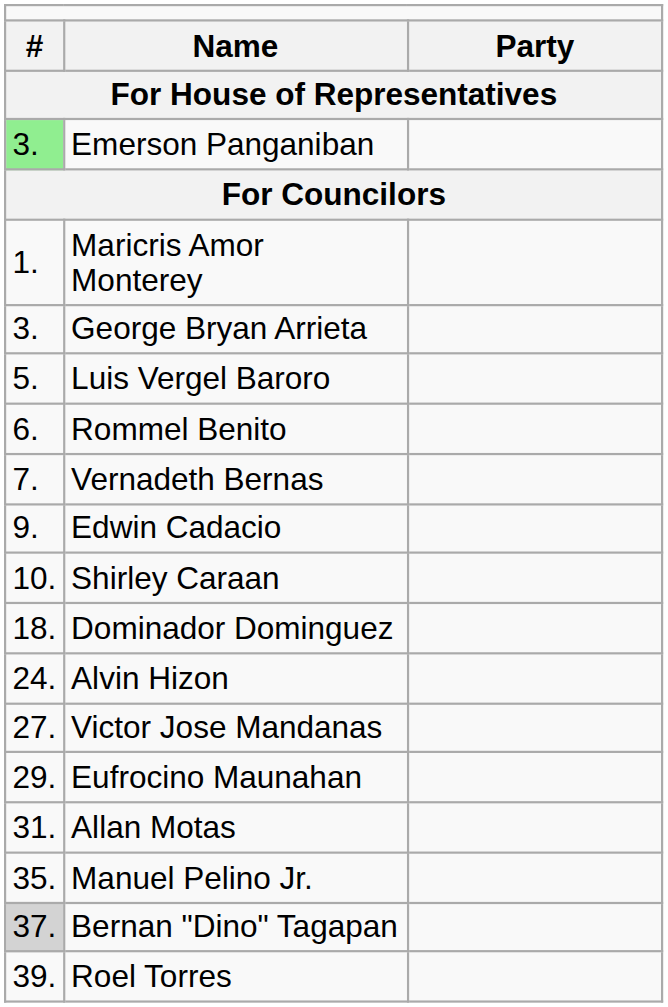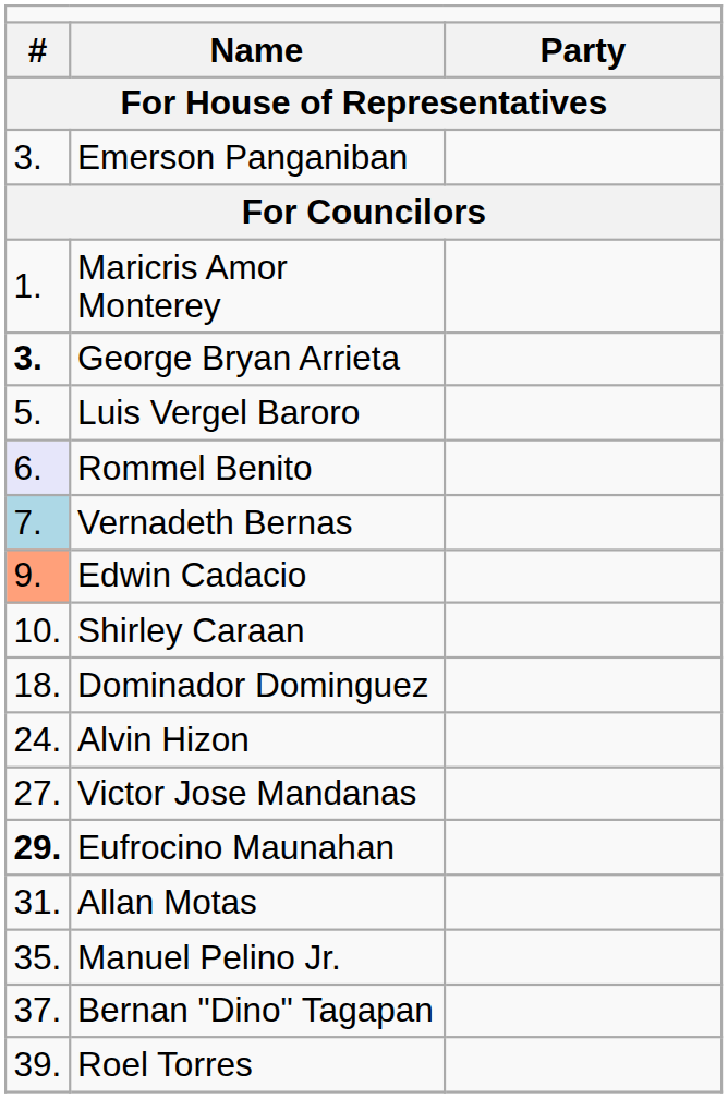 <table class=wikitable style="font-size:90%">
 <tr>
 <td colspan=4 bgcolor=></td>
 </tr>
 <tr>
 <th>#</th>
 <th width=150px>Name</th>
 <th colspan=2 width=110px>Party</th>
 </tr>
 <tr>
 <th colspan="4">For House of Representatives</th>
 </tr>
 <tr>
-<td style="background: lightgreen;">3.</td>
+<td>3.</td>
 <td>Emerson Panganiban</td>
 <td></td>
 </tr>
 <tr>
 <th colspan="4">For Councilors</th>
 </tr>
 <tr>
 <td>1.</td>
 <td>Maricris Amor Monterey</td>
 <td></td>
 </tr>
 <tr>
-<td>3.</td>
+<td><strong>3.</strong></td>
 <td>George Bryan Arrieta</td>
 <td></td>
 </tr>
 <tr>
 <td>5.</td>
 <td>Luis Vergel Baroro</td>
 <td></td>
 </tr>
 <tr>
-<td>6.</td>
+<td style="background: lavender;">6.</td>
 <td>Rommel Benito</td>
 <td></td>
 </tr>
 <tr>
-<td>7.</td>
+<td style="background: lightblue;">7.</td>
 <td>Vernadeth Bernas</td>
 <td></td>
 </tr>
 <tr>
-<td>9.</td>
+<td style="background: lightsalmon;">9.</td>
 <td>Edwin Cadacio</td>
 <td></td>
 </tr>
 <tr>
 <td>10.</td>
 <td>Shirley Caraan</td>
 <td></td>
 </tr>
 <tr>
 <td>18.</td>
 <td>Dominador Dominguez</td>
 <td></td>
 </tr>
 <tr>
 <td>24.</td>
 <td>Alvin Hizon</td>
 <td></td>
 </tr>
 <tr>
 <td>27.</td>
 <td>Victor Jose Mandanas</td>
 <td></td>
 </tr>
 <tr>
-<td>29.</td>
+<td><strong>29.</strong></td>
 <td>Eufrocino Maunahan</td>
 <td></td>
 </tr>
 <tr>
 <td>31.</td>
 <td>Allan Motas</td>
 <td></td>
 </tr>
 <tr>
 <td>35.</td>
 <td>Manuel Pelino Jr.</td>
 <td></td>
 </tr>
 <tr>
-<td style="background: lightgrey;">37.</td>
+<td>37.</td>
 <td>Bernan "Dino" Tagapan</td>
 <td></td>
 </tr>
 <tr>
 <td>39.</td>
 <td>Roel Torres</td>
 <td></td>
 </tr>
 </table>
